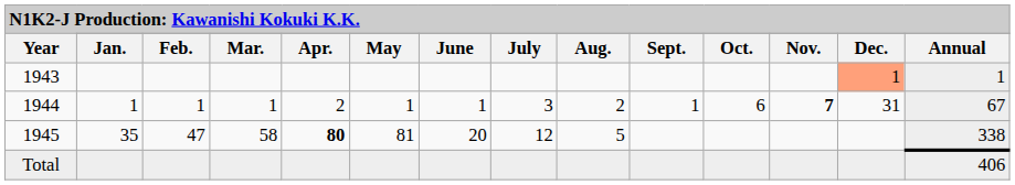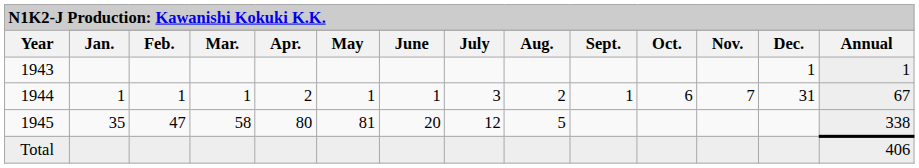 <table class="wikitable" style="text-align: right; width: 100%">
 <tr>
 <td style="background:#ccc" ; colspan="14" ; align="left"><strong>N1K2-J Production: <a href='#'>Kawanishi Kokuki K.K.</a></strong></td>
 </tr>
 <tr>
 <th rowspan=2>Year</th>
 </tr>
 <tr>
 <th>Jan.</th>
 <th>Feb.</th>
 <th>Mar.</th>
 <th>Apr.</th>
 <th>May</th>
 <th>June</th>
 <th>July</th>
 <th>Aug.</th>
 <th>Sept.</th>
 <th>Oct.</th>
 <th>Nov.</th>
 <th>Dec.</th>
 <th>Annual</th>
 </tr>
 <tr>
 <td style="text-align:center">1943</td>
 <td></td>
 <td></td>
 <td></td>
 <td></td>
 <td></td>
 <td></td>
 <td></td>
 <td></td>
 <td></td>
 <td></td>
 <td></td>
-<td style="background: lightsalmon;">1</td>
+<td>1</td>
 <td style="background: #eee;">1</td>
 </tr>
 <tr>
 <td style="text-align:center">1944</td>
 <td>1</td>
 <td>1</td>
 <td>1</td>
 <td>2</td>
 <td>1</td>
 <td>1</td>
 <td>3</td>
 <td>2</td>
 <td>1</td>
 <td>6</td>
-<td><strong>7</strong></td>
+<td>7</td>
 <td>31</td>
 <td style="background: #eee;">67</td>
 </tr>
 <tr>
 <td style="text-align:center">1945</td>
 <td>35</td>
 <td>47</td>
 <td>58</td>
-<td><strong>80</strong></td>
+<td>80</td>
 <td>81</td>
 <td>20</td>
 <td>12</td>
 <td>5</td>
 <td></td>
 <td></td>
 <td></td>
 <td></td>
 <td style="background: #eee;">338</td>
 </tr>
 <tr style="background: #eee;">
 <td style="text-align:center">Total</td>
 <td></td>
 <td></td>
 <td></td>
 <td></td>
 <td></td>
 <td></td>
 <td></td>
 <td></td>
 <td></td>
 <td></td>
 <td></td>
 <td></td>
 <td style="border-top: black solid">406</td>
 </tr>
 </table>
